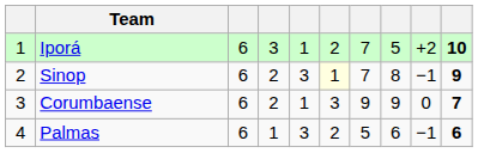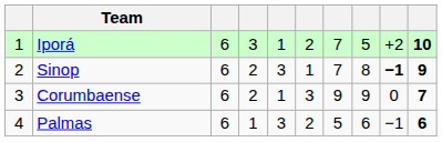 <table class="wikitable" style="text-align: center;">
 <tr>
 <th width=20></th>
 <th width=165>Team</th>
 <th width=20></th>
 <th width=20></th>
 <th width=20></th>
 <th width=20></th>
 <th width=20></th>
 <th width=20></th>
 <th width=20></th>
 <th width=20></th>
 </tr>
 <tr bgcolor=#ccffcc>
 <td>1</td>
 <td align=left> <a href='#'>Iporá</a></td>
 <td>6</td>
 <td>3</td>
 <td>1</td>
 <td>2</td>
 <td>7</td>
 <td>5</td>
 <td>+2</td>
 <td><strong>10</strong></td>
 </tr>
 <tr>
 <td>2</td>
 <td align=left> <a href='#'>Sinop</a></td>
 <td>6</td>
 <td>2</td>
 <td>3</td>
-<td style="background: lightyellow;">1</td>
+<td>1</td>
 <td>7</td>
 <td>8</td>
-<td>−1</td>
+<td><strong>−1</strong></td>
 <td><strong>9</strong></td>
 </tr>
 <tr>
 <td>3</td>
 <td align=left> <a href='#'>Corumbaense</a></td>
 <td>6</td>
 <td>2</td>
 <td>1</td>
 <td>3</td>
 <td>9</td>
 <td>9</td>
 <td>0</td>
 <td><strong>7</strong></td>
 </tr>
 <tr>
 <td>4</td>
 <td align=left> <a href='#'>Palmas</a></td>
 <td>6</td>
 <td>1</td>
 <td>3</td>
 <td>2</td>
 <td>5</td>
 <td>6</td>
 <td>−1</td>
 <td><strong>6</strong></td>
 </tr>
 </table>
